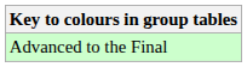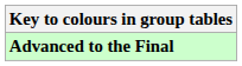 <table class="wikitable">
 <tr>
 <th>Key to colours in group tables</th>
 </tr>
 <tr style="background:#cfc;">
-<td>Advanced to the Final</td>
+<td><strong>Advanced to the Final</strong></td>
 </tr>
 </table>
